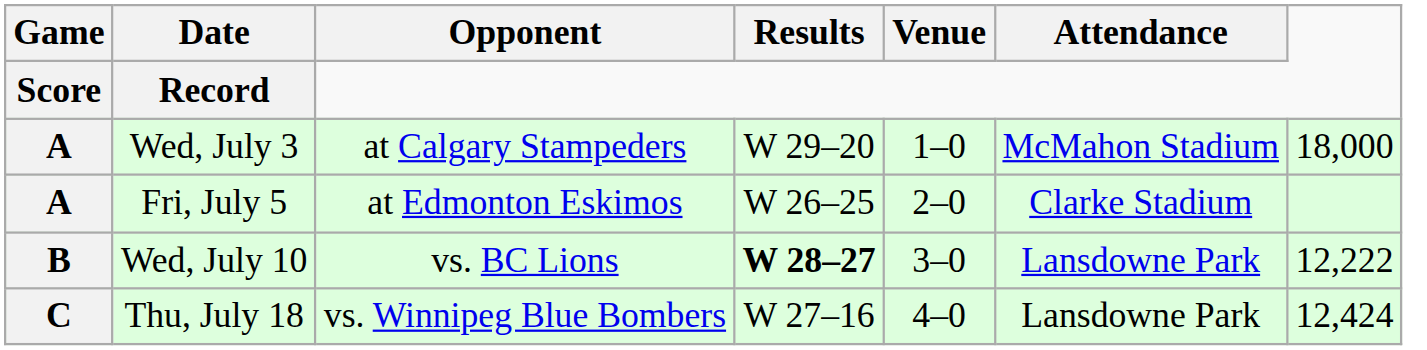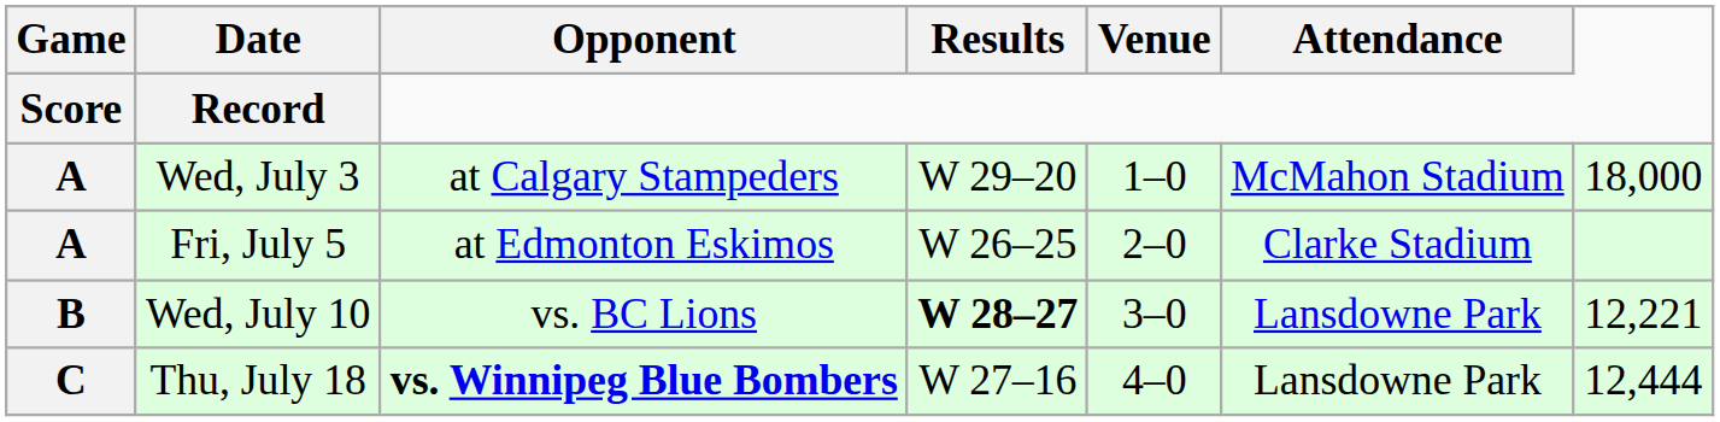 <table class="wikitable" style="text-align:center">
 <tr>
 <th>Game</th>
 <th>Date</th>
 <th>Opponent</th>
 <th>Results</th>
 <th>Venue</th>
 <th>Attendance</th>
 </tr>
 <tr>
 <th>Score</th>
 <th>Record</th>
 </tr>
 <tr style="background:#ddffdd">
 <th>A</th>
 <td>Wed, July 3</td>
 <td>at <a href='#'>Calgary Stampeders</a></td>
 <td>W 29–20</td>
 <td>1–0</td>
 <td><a href='#'>McMahon Stadium</a></td>
 <td>18,000</td>
 </tr>
 <tr style="background:#ddffdd">
 <th>A</th>
 <td>Fri, July 5</td>
 <td>at <a href='#'>Edmonton Eskimos</a></td>
 <td>W 26–25</td>
 <td>2–0</td>
 <td><a href='#'>Clarke Stadium</a></td>
 <td></td>
 </tr>
 <tr style="background:#ddffdd">
 <th>B</th>
 <td>Wed, July 10</td>
 <td>vs. <a href='#'>BC Lions</a></td>
 <td><strong>W 28–27</strong></td>
 <td>3–0</td>
 <td><a href='#'>Lansdowne Park</a></td>
-<td>12,222</td>
+<td>12,221</td>
 </tr>
 <tr style="background:#ddffdd">
 <th>C</th>
 <td>Thu, July 18</td>
-<td>vs. <a href='#'>Winnipeg Blue Bombers</a></td>
+<td><strong>vs. <a href='#'>Winnipeg Blue Bombers</a></strong></td>
 <td>W 27–16</td>
 <td>4–0</td>
 <td>Lansdowne Park</td>
-<td>12,424</td>
+<td>12,444</td>
 </tr>
 </table>
